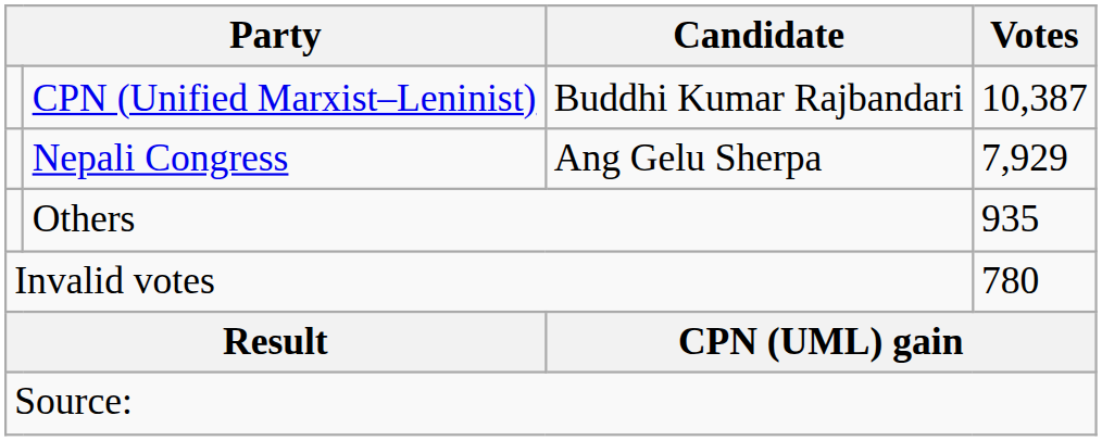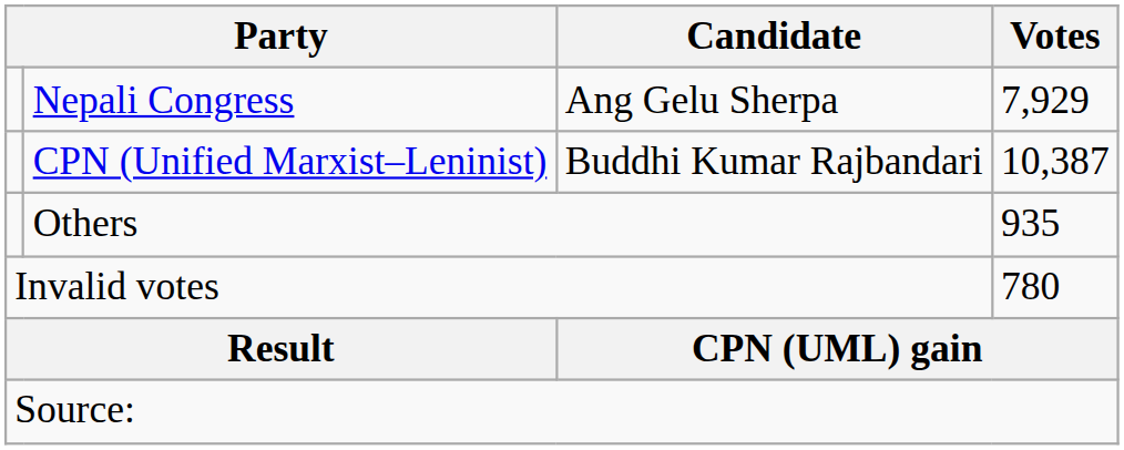 <table class="wikitable">
 <tr>
 <th colspan="2">Party</th>
 <th>Candidate</th>
 <th>Votes</th>
 </tr>
 <tr>
 <td style="background-color:"></td>
+<td><a href='#'>Nepali Congress</a></td>
+<td>Ang Gelu Sherpa</td>
+<td>7,929</td>
+</tr>
+<tr>
+<td style="background-color:"></td>
 <td><a href='#'>CPN (Unified Marxist–Leninist)</a></td>
 <td>Buddhi Kumar Rajbandari</td>
 <td>10,387</td>
-</tr>
-<tr>
-<td style="background-color:"></td>
-<td><a href='#'>Nepali Congress</a></td>
-<td>Ang Gelu Sherpa</td>
-<td>7,929</td>
 </tr>
 <tr>
 <td></td>
 <td colspan="2">Others</td>
 <td>935</td>
 </tr>
 <tr>
 <td colspan="3">Invalid votes</td>
 <td>780</td>
 </tr>
 <tr>
 <th colspan="2">Result</th>
 <th colspan="2">CPN (UML) gain</th>
 </tr>
 <tr>
 <td colspan="4">Source: </td>
 </tr>
 </table>
